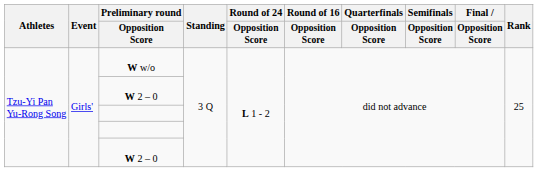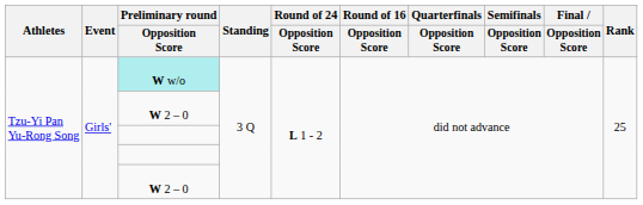 <table class=wikitable style="font-size:90%">
 <tr>
 <th rowspan="2">Athletes</th>
 <th rowspan="2">Event</th>
 <th>Preliminary round</th>
 <th rowspan="2">Standing</th>
 <th>Round of 24</th>
 <th>Round of 16</th>
 <th>Quarterfinals</th>
 <th>Semifinals</th>
 <th>Final / </th>
 <th rowspan=2>Rank</th>
 </tr>
 <tr style="font-size:95%">
 <th>Opposition<br>Score</th>
 <th>Opposition<br>Score</th>
 <th>Opposition<br>Score</th>
 <th>Opposition<br>Score</th>
 <th>Opposition<br>Score</th>
 <th>Opposition<br>Score</th>
 </tr>
 <tr align=center>
 <td align=left rowspan=5><a href='#'>Tzu-Yi Pan</a><br><a href='#'>Yu-Rong Song</a></td>
 <td align=left rowspan=5><a href='#'>Girls'</a></td>
-<td><br><strong>W</strong> w/o</td>
+<td style="background: paleturquoise;"><br><strong>W</strong> w/o</td>
 <td rowspan=5>3 Q</td>
 <td rowspan=5><br><strong>L</strong> 1 - 2</td>
 <td rowspan=5 Colspan=4>did not advance</td>
 <td rowspan=5>25</td>
 </tr>
 <tr align=center>
 <td><br><strong>W</strong> 2 – 0</td>
 </tr>
 <tr align=center>
 <td><br></td>
 </tr>
 <tr align=center>
 <td><br></td>
 </tr>
 <tr align=center>
 <td><br><strong>W</strong> 2 – 0</td>
 </tr>
 </table>
